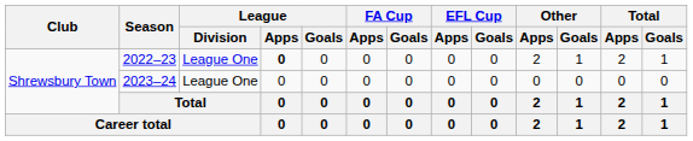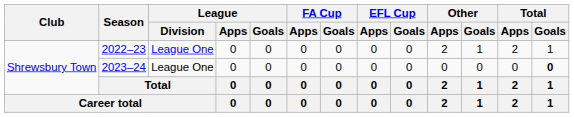 <table class="wikitable" style="text-align:center">
 <tr>
 <th rowspan="2">Club</th>
 <th rowspan="2">Season</th>
 <th colspan="3">League</th>
 <th colspan="2"><a href='#'>FA Cup</a></th>
 <th colspan="2"><a href='#'>EFL Cup</a></th>
 <th colspan="2">Other</th>
 <th colspan="2">Total</th>
 </tr>
 <tr>
 <th>Division</th>
 <th>Apps</th>
 <th>Goals</th>
 <th>Apps</th>
 <th>Goals</th>
 <th>Apps</th>
 <th>Goals</th>
 <th>Apps</th>
 <th>Goals</th>
 <th>Apps</th>
 <th>Goals</th>
 </tr>
 <tr>
 <td rowspan=3><a href='#'>Shrewsbury Town</a></td>
 <td><a href='#'>2022–23</a></td>
 <td><a href='#'>League One</a></td>
-<td><strong>0</strong></td>
+<td>0</td>
 <td>0</td>
 <td>0</td>
 <td>0</td>
 <td>0</td>
 <td>0</td>
 <td>2</td>
 <td>1</td>
 <td>2</td>
 <td>1</td>
 </tr>
 <tr>
 <td><a href='#'>2023–24</a></td>
 <td>League One</td>
 <td>0</td>
 <td>0</td>
 <td>0</td>
 <td>0</td>
 <td>0</td>
 <td>0</td>
 <td>0</td>
 <td>0</td>
 <td>0</td>
-<td>0</td>
+<td><strong>0</strong></td>
 </tr>
 <tr>
 <th colspan="2">Total</th>
 <th>0</th>
 <th>0</th>
 <th>0</th>
 <th>0</th>
 <th>0</th>
 <th>0</th>
 <th>2</th>
 <th>1</th>
 <th>2</th>
 <th>1</th>
 </tr>
 <tr>
 <th colspan="3">Career total</th>
 <th>0</th>
 <th>0</th>
 <th>0</th>
 <th>0</th>
 <th>0</th>
 <th>0</th>
 <th>2</th>
 <th>1</th>
 <th>2</th>
 <th>1</th>
 </tr>
 </table>
